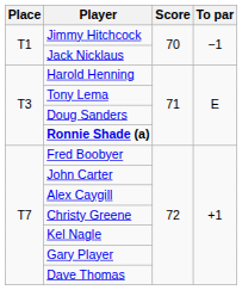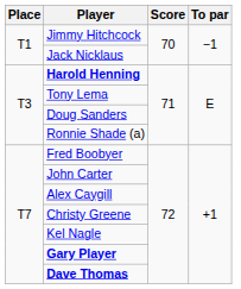 <table class="wikitable">
 <tr>
 <th>Place</th>
 <th>Player</th>
 <th>Score</th>
 <th>To par</th>
 </tr>
 <tr>
 <td rowspan="2" align=center>T1</td>
 <td> <a href='#'>Jimmy Hitchcock</a></td>
 <td rowspan="2" align=center>70</td>
 <td rowspan="2" align=center>−1</td>
 </tr>
 <tr>
 <td> <a href='#'>Jack Nicklaus</a></td>
 </tr>
 <tr>
 <td rowspan="4" align=center>T3</td>
-<td> <a href='#'>Harold Henning</a></td>
+<td><strong> <a href='#'>Harold Henning</a></strong></td>
 <td rowspan="4" align=center>71</td>
 <td rowspan="4" align=center>E</td>
 </tr>
 <tr>
 <td> <a href='#'>Tony Lema</a></td>
 </tr>
 <tr>
 <td> <a href='#'>Doug Sanders</a></td>
 </tr>
 <tr>
-<td><strong> <a href='#'>Ronnie Shade</a> (a)</strong></td>
+<td> <a href='#'>Ronnie Shade</a> (a)</td>
 </tr>
 <tr>
 <td rowspan="7" align=center>T7</td>
 <td> <a href='#'>Fred Boobyer</a></td>
 <td rowspan="7" align=center>72</td>
 <td rowspan="7" align=center>+1</td>
 </tr>
 <tr>
 <td> <a href='#'>John Carter</a></td>
 </tr>
 <tr>
 <td> <a href='#'>Alex Caygill</a></td>
 </tr>
 <tr>
 <td> <a href='#'>Christy Greene</a></td>
 </tr>
 <tr>
 <td> <a href='#'>Kel Nagle</a></td>
 </tr>
 <tr>
-<td> <a href='#'>Gary Player</a></td>
+<td><strong> <a href='#'>Gary Player</a></strong></td>
 </tr>
 <tr>
-<td> <a href='#'>Dave Thomas</a></td>
+<td><strong> <a href='#'>Dave Thomas</a></strong></td>
 </tr>
 </table>
